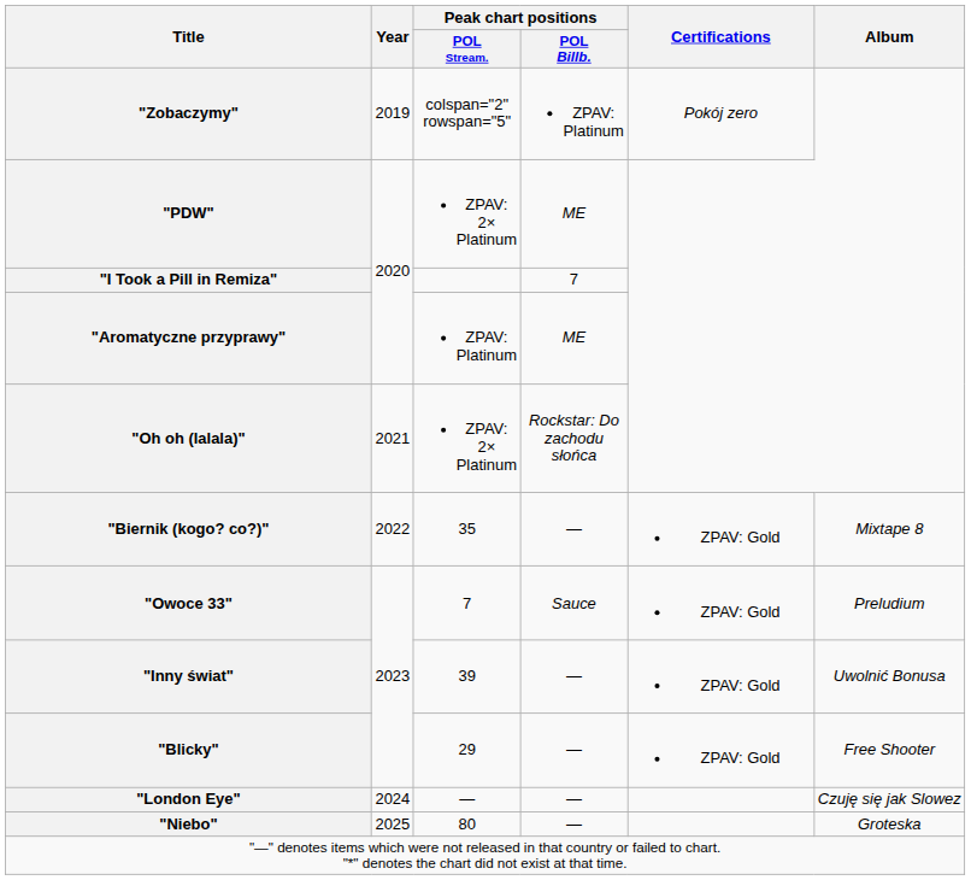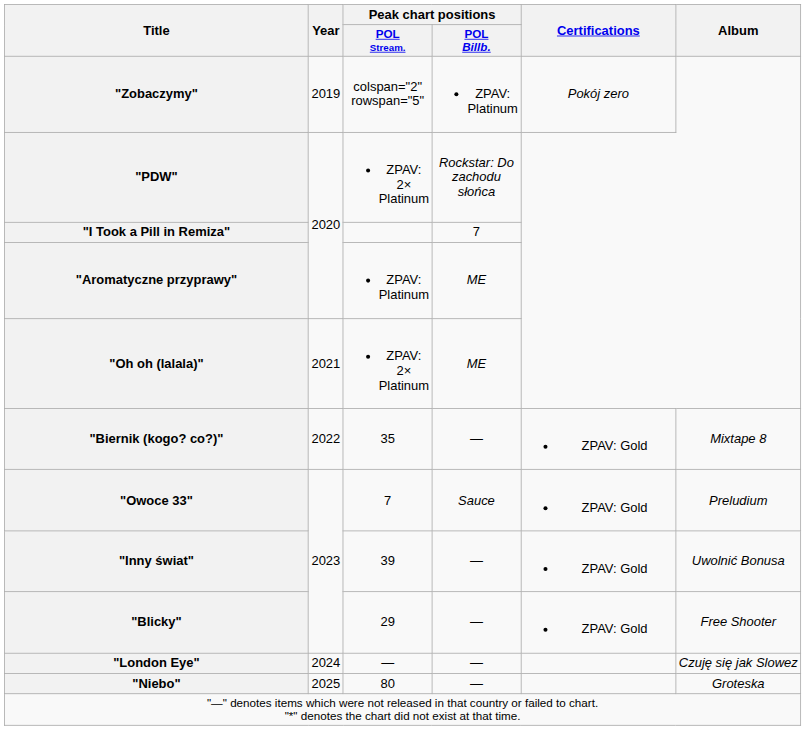 <table class="wikitable plainrowheaders" style="text-align:center;">
 <tr>
 <th scope="col" rowspan="2" style="width:23em;">Title</th>
 <th scope="col" rowspan="2" style="width:1em;">Year</th>
 <th scope="col" colspan="2">Peak chart positions</th>
 <th scope="col" rowspan="2" style="width:11.5em;"><a href='#'>Certifications</a></th>
 <th scope="col" rowspan="2">Album</th>
 </tr>
 <tr>
 <th style="width:3em;font-size:90%"><a href='#'>POL<br><small>Stream.</small></a><br></th>
 <th style="width:3em;font-size:90%"><a href='#'>POL<br><em>Billb.</em></a><br></th>
 </tr>
 <tr>
 <th scope="row">"Zobaczymy"<br></th>
 <td>2019</td>
 <td>colspan="2" rowspan="5" </td>
 <td><br><ul><li>ZPAV: Platinum</li></ul></td>
 <td><em>Pokój zero</em></td>
 </tr>
 <tr>
 <th scope="row">"PDW"<br></th>
 <td rowspan="3">2020</td>
 <td><br><ul><li>ZPAV: 2× Platinum</li></ul></td>
-<td><em>ME</em></td>
+<td><em>Rockstar: Do zachodu słońca</em></td>
 </tr>
 <tr>
 <th scope="row">"I Took a Pill in Remiza"<br></th>
 <td></td>
 <td>7</td>
 </tr>
 <tr>
 <th scope="row">"Aromatyczne przyprawy"<br></th>
 <td><br><ul><li>ZPAV: Platinum</li></ul></td>
 <td><em>ME</em></td>
 </tr>
 <tr>
 <th scope="row">"Oh oh (lalala)"<br></th>
 <td>2021</td>
 <td><br><ul><li>ZPAV: 2× Platinum</li></ul></td>
-<td><em>Rockstar: Do zachodu słońca</em></td>
+<td><em>ME</em></td>
 </tr>
 <tr>
 <th scope="row">"Biernik (kogo? co?)"<br></th>
 <td>2022</td>
 <td>35</td>
 <td>—</td>
 <td><br><ul><li>ZPAV: Gold</li></ul></td>
 <td><em>Mixtape 8</em></td>
 </tr>
 <tr>
 <th scope="row">"Owoce 33"<br></th>
 <td rowspan="3">2023</td>
 <td>7</td>
 <td><em>Sauce</em></td>
 <td><br><ul><li>ZPAV: Gold</li></ul></td>
 <td><em>Preludium</em></td>
 </tr>
 <tr>
 <th scope="row">"Inny świat"<br></th>
 <td>39</td>
 <td>—</td>
 <td><br><ul><li>ZPAV: Gold</li></ul></td>
 <td><em>Uwolnić Bonusa</em></td>
 </tr>
 <tr>
 <th scope="row">"Blicky"<br></th>
 <td>29</td>
 <td>—</td>
 <td><br><ul><li>ZPAV: Gold</li></ul></td>
 <td><em>Free Shooter</em></td>
 </tr>
 <tr>
 <th scope="row">"London Eye"<br></th>
 <td>2024</td>
 <td>—</td>
 <td>—</td>
 <td></td>
 <td><em>Czuję się jak Slowez</em></td>
 </tr>
 <tr>
 <th scope="row">"Niebo"<br></th>
 <td>2025</td>
 <td>80</td>
 <td>—</td>
 <td></td>
 <td><em>Groteska</em></td>
 </tr>
 <tr>
 <td colspan="6" style="font-size:90%;">"—" denotes items which were not released in that country or failed to chart.<br>"*" denotes the chart did not exist at that time.</td>
 </tr>
 </table>
